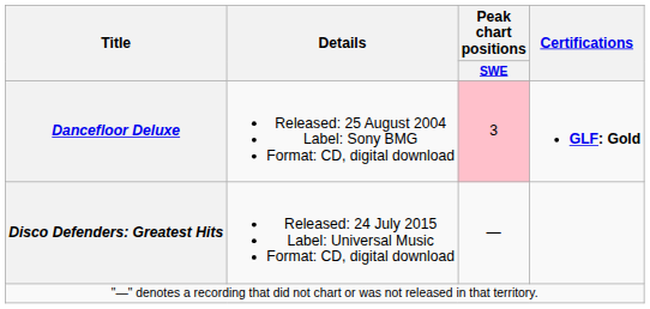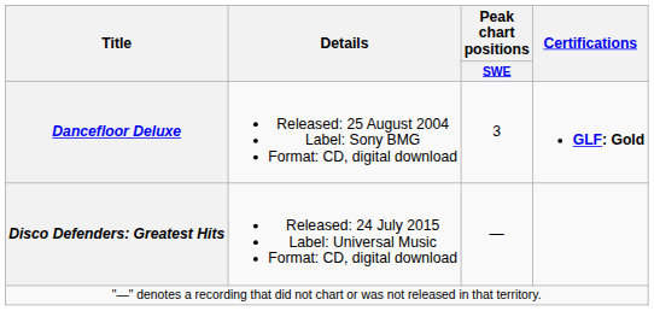 <table class="wikitable plainrowheaders" style="text-align:center;">
 <tr>
 <th scope="col" rowspan="2">Title</th>
 <th scope="col" rowspan="2">Details</th>
 <th scope="col" colspan="1">Peak chart positions</th>
 <th scope="col" rowspan="2"><a href='#'>Certifications</a></th>
 </tr>
 <tr>
 <th scope="col" style="width:3em;font-size:85%;"><a href='#'>SWE</a><br></th>
 </tr>
 <tr>
 <th scope="row"><em><a href='#'>Dancefloor Deluxe</a></em></th>
 <td><br><ul><li>Released: 25 August 2004</li><li>Label: Sony BMG</li><li>Format: CD, digital download</li></ul></td>
-<td style="background: pink;">3</td>
+<td>3</td>
 <td><strong><br><ul><li><a href='#'>GLF</a>: Gold</li></ul></strong></td>
 </tr>
 <tr>
 <th scope="row"><em>Disco Defenders: Greatest Hits</em></th>
 <td><br><ul><li>Released: 24 July 2015</li><li>Label: Universal Music</li><li>Format: CD, digital download</li></ul></td>
 <td>—</td>
 <td></td>
 </tr>
 <tr>
 <td colspan="10" style="font-size:85%">"—" denotes a recording that did not chart or was not released in that territory.</td>
 </tr>
 </table>
